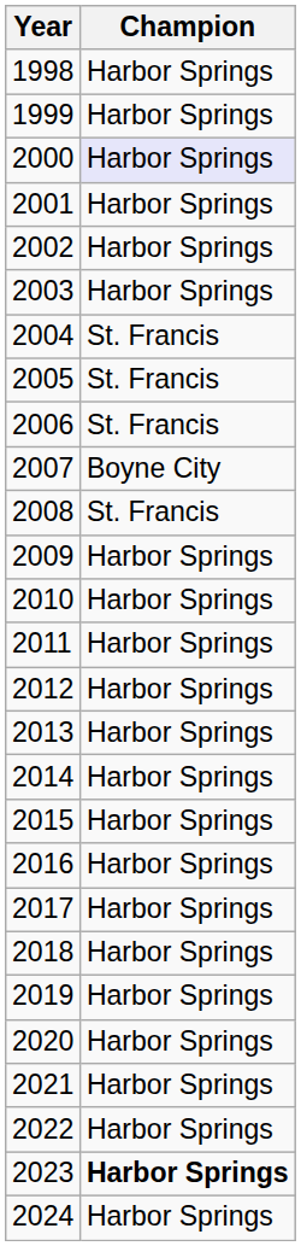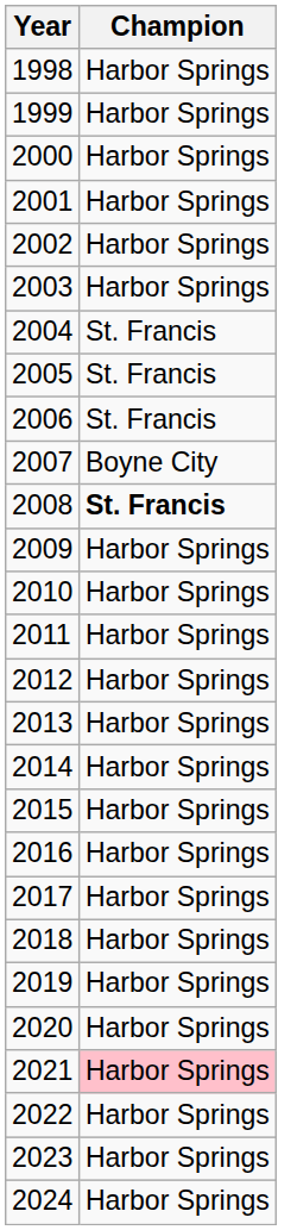 <table class=wikitable>
 <tr>
 <th>Year</th>
 <th>Champion</th>
 </tr>
 <tr>
 <td>1998</td>
 <td>Harbor Springs</td>
 </tr>
 <tr>
 <td>1999</td>
 <td>Harbor Springs</td>
 </tr>
 <tr>
 <td>2000</td>
-<td style="background: lavender;">Harbor Springs</td>
+<td>Harbor Springs</td>
 </tr>
 <tr>
 <td>2001</td>
 <td>Harbor Springs</td>
 </tr>
 <tr>
 <td>2002</td>
 <td>Harbor Springs</td>
 </tr>
 <tr>
 <td>2003</td>
 <td>Harbor Springs</td>
 </tr>
 <tr>
 <td>2004</td>
 <td>St. Francis</td>
 </tr>
 <tr>
 <td>2005</td>
 <td>St. Francis</td>
 </tr>
 <tr>
 <td>2006</td>
 <td>St. Francis</td>
 </tr>
 <tr>
 <td>2007</td>
 <td>Boyne City</td>
 </tr>
 <tr>
 <td>2008</td>
-<td>St. Francis</td>
+<td><strong>St. Francis</strong></td>
 </tr>
 <tr>
 <td>2009</td>
 <td>Harbor Springs</td>
 </tr>
 <tr>
 <td>2010</td>
 <td>Harbor Springs</td>
 </tr>
 <tr>
 <td>2011</td>
 <td>Harbor Springs</td>
 </tr>
 <tr>
 <td>2012</td>
 <td>Harbor Springs</td>
 </tr>
 <tr>
 <td>2013</td>
 <td>Harbor Springs</td>
 </tr>
 <tr>
 <td>2014</td>
 <td>Harbor Springs</td>
 </tr>
 <tr>
 <td>2015</td>
 <td>Harbor Springs</td>
 </tr>
 <tr>
 <td>2016</td>
 <td>Harbor Springs</td>
 </tr>
 <tr>
 <td>2017</td>
 <td>Harbor Springs</td>
 </tr>
 <tr>
 <td>2018</td>
 <td>Harbor Springs</td>
 </tr>
 <tr>
 <td>2019</td>
 <td>Harbor Springs</td>
 </tr>
 <tr>
 <td>2020</td>
 <td>Harbor Springs</td>
 </tr>
 <tr>
 <td>2021</td>
-<td>Harbor Springs</td>
+<td style="background: pink;">Harbor Springs</td>
 </tr>
 <tr>
 <td>2022</td>
 <td>Harbor Springs</td>
 </tr>
 <tr>
 <td>2023</td>
-<td><strong>Harbor Springs</strong></td>
+<td>Harbor Springs</td>
 </tr>
 <tr>
 <td>2024</td>
 <td>Harbor Springs</td>
 </tr>
 </table>
